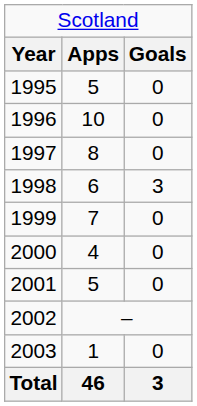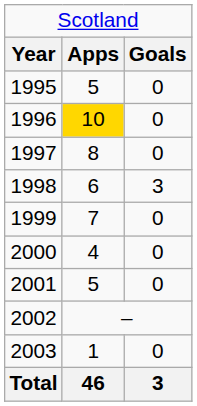 <table class="wikitable" style="text-align:center">
 <tr>
 <td colspan=3><a href='#'>Scotland</a></td>
 </tr>
 <tr>
 <th>Year</th>
 <th>Apps</th>
 <th>Goals</th>
 </tr>
 <tr>
 <td>1995</td>
 <td>5</td>
 <td>0</td>
 </tr>
 <tr>
 <td>1996</td>
-<td>10</td>
+<td style="background: gold;">10</td>
 <td>0</td>
 </tr>
 <tr>
 <td>1997</td>
 <td>8</td>
 <td>0</td>
 </tr>
 <tr>
 <td>1998</td>
 <td>6</td>
 <td>3</td>
 </tr>
 <tr>
 <td>1999</td>
 <td>7</td>
 <td>0</td>
 </tr>
 <tr>
 <td>2000</td>
 <td>4</td>
 <td>0</td>
 </tr>
 <tr>
 <td>2001</td>
 <td>5</td>
 <td>0</td>
 </tr>
 <tr>
 <td>2002</td>
 <td colspan=2>–</td>
 </tr>
 <tr>
 <td>2003</td>
 <td>1</td>
 <td>0</td>
 </tr>
 <tr>
 <th>Total</th>
 <th>46</th>
 <th>3</th>
 </tr>
 </table>
